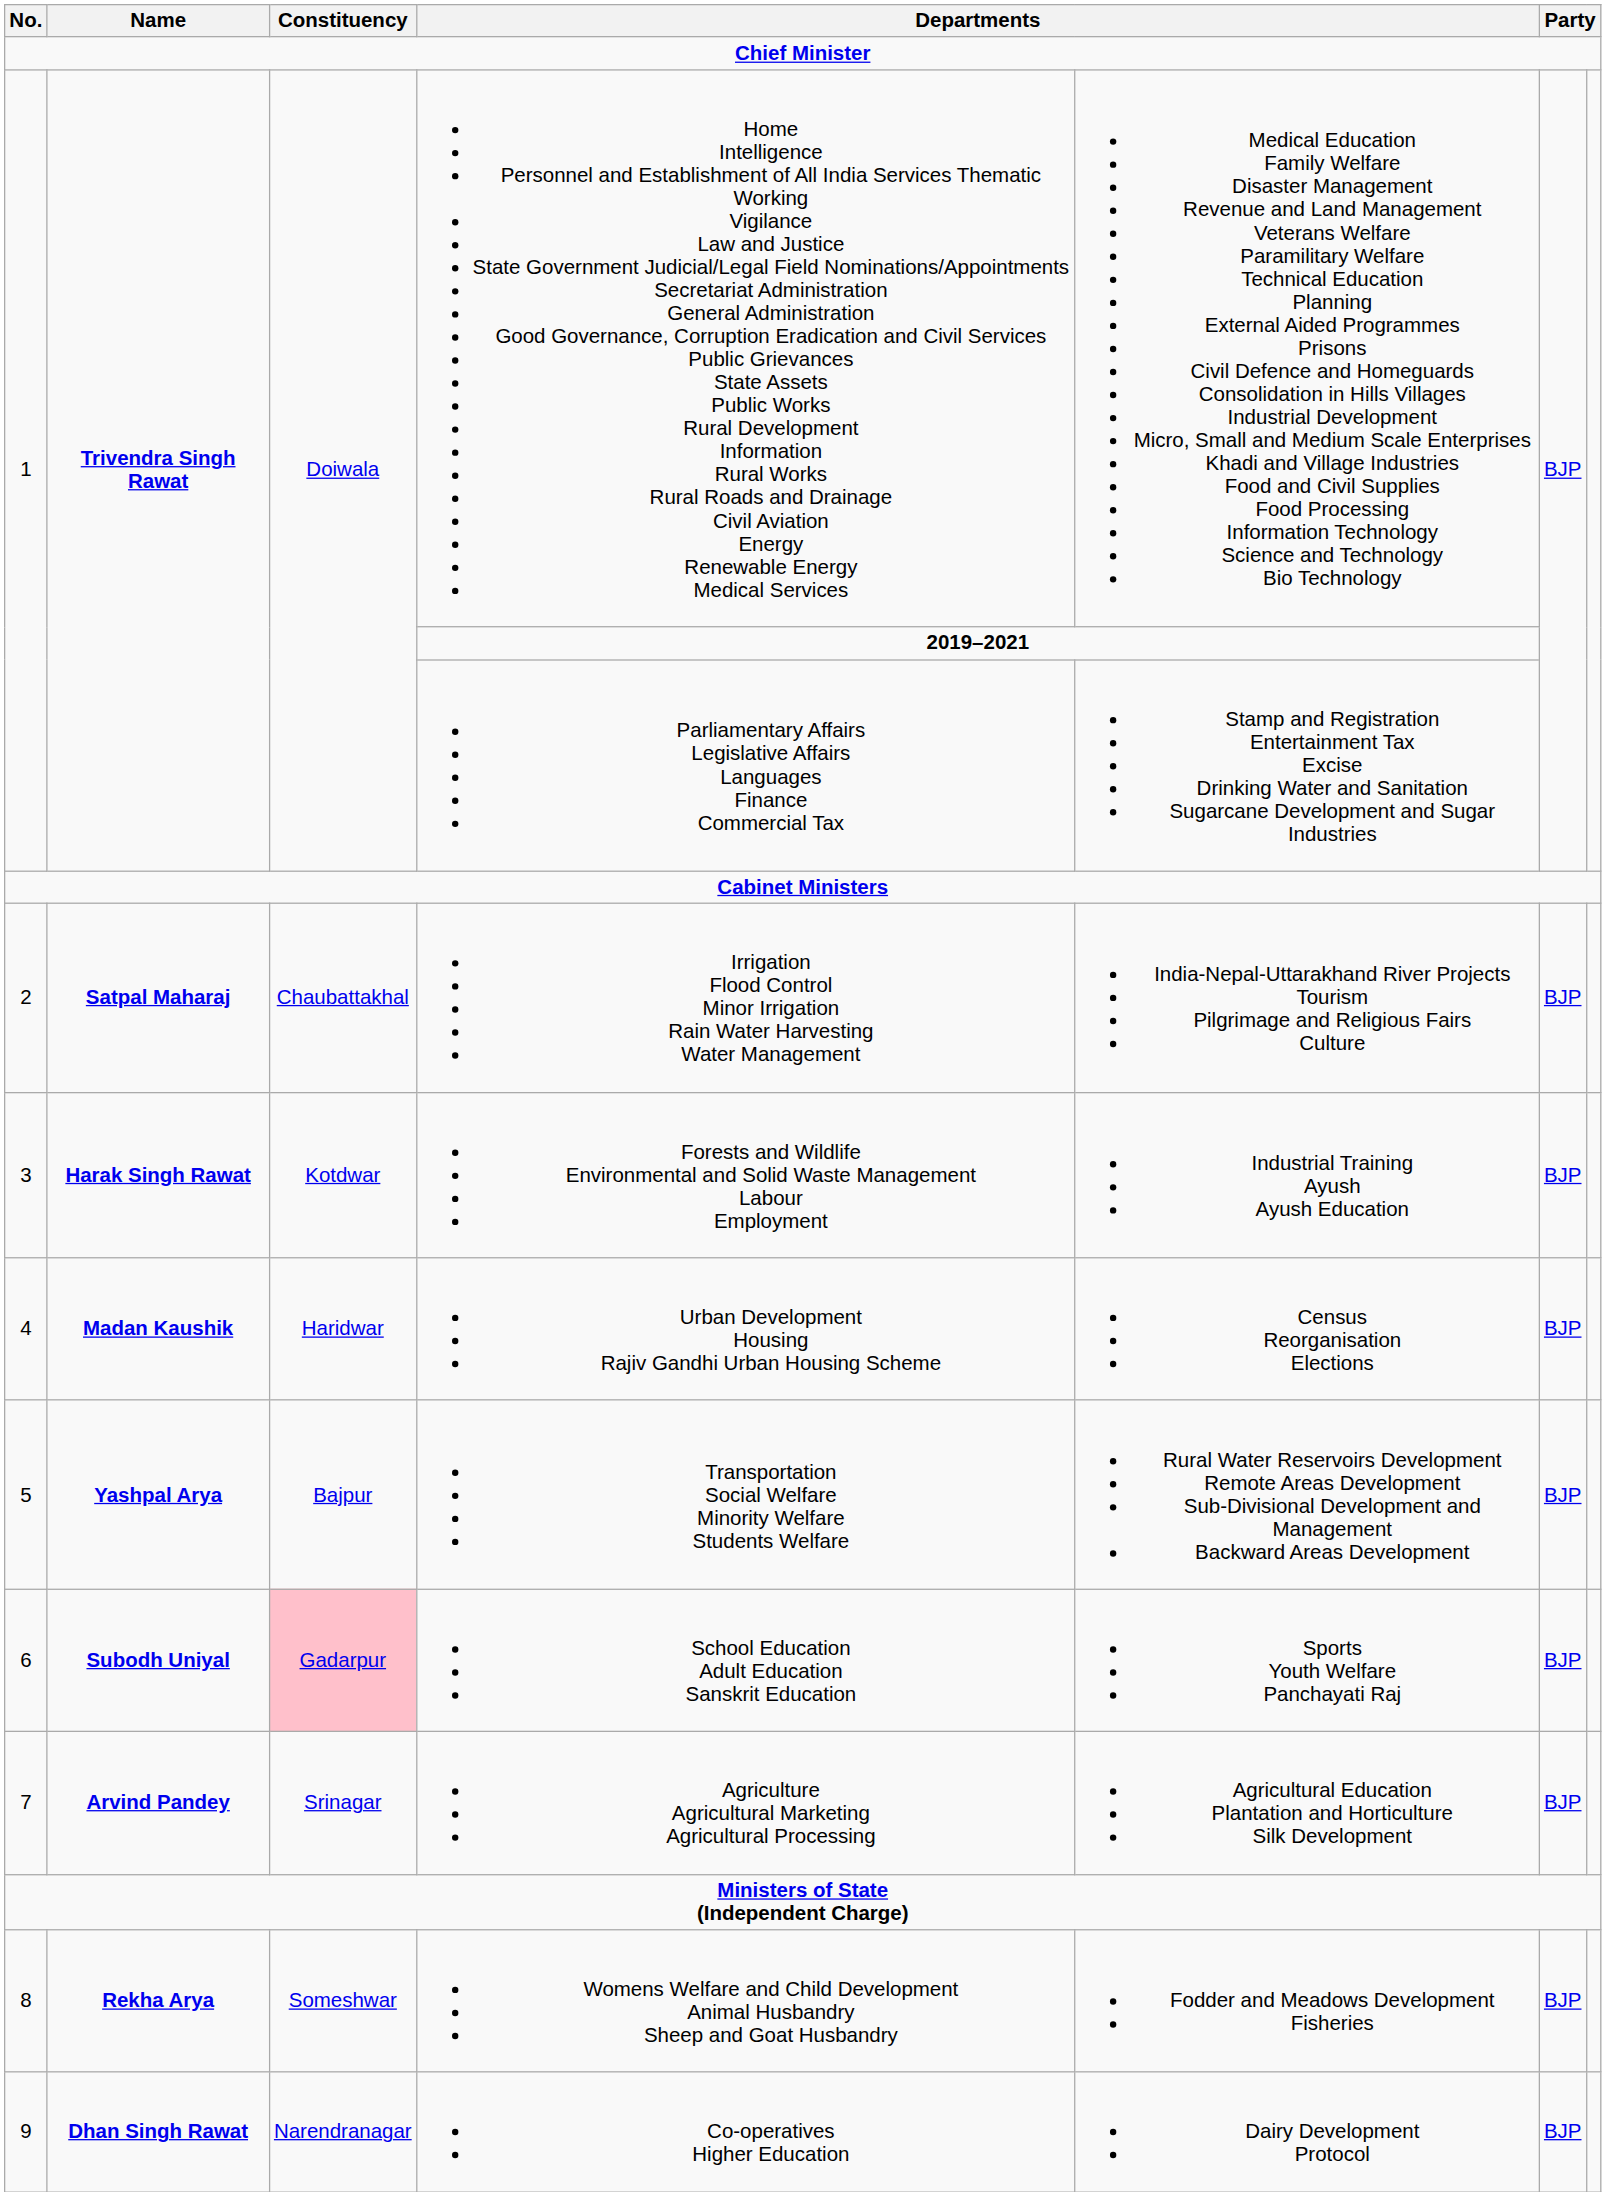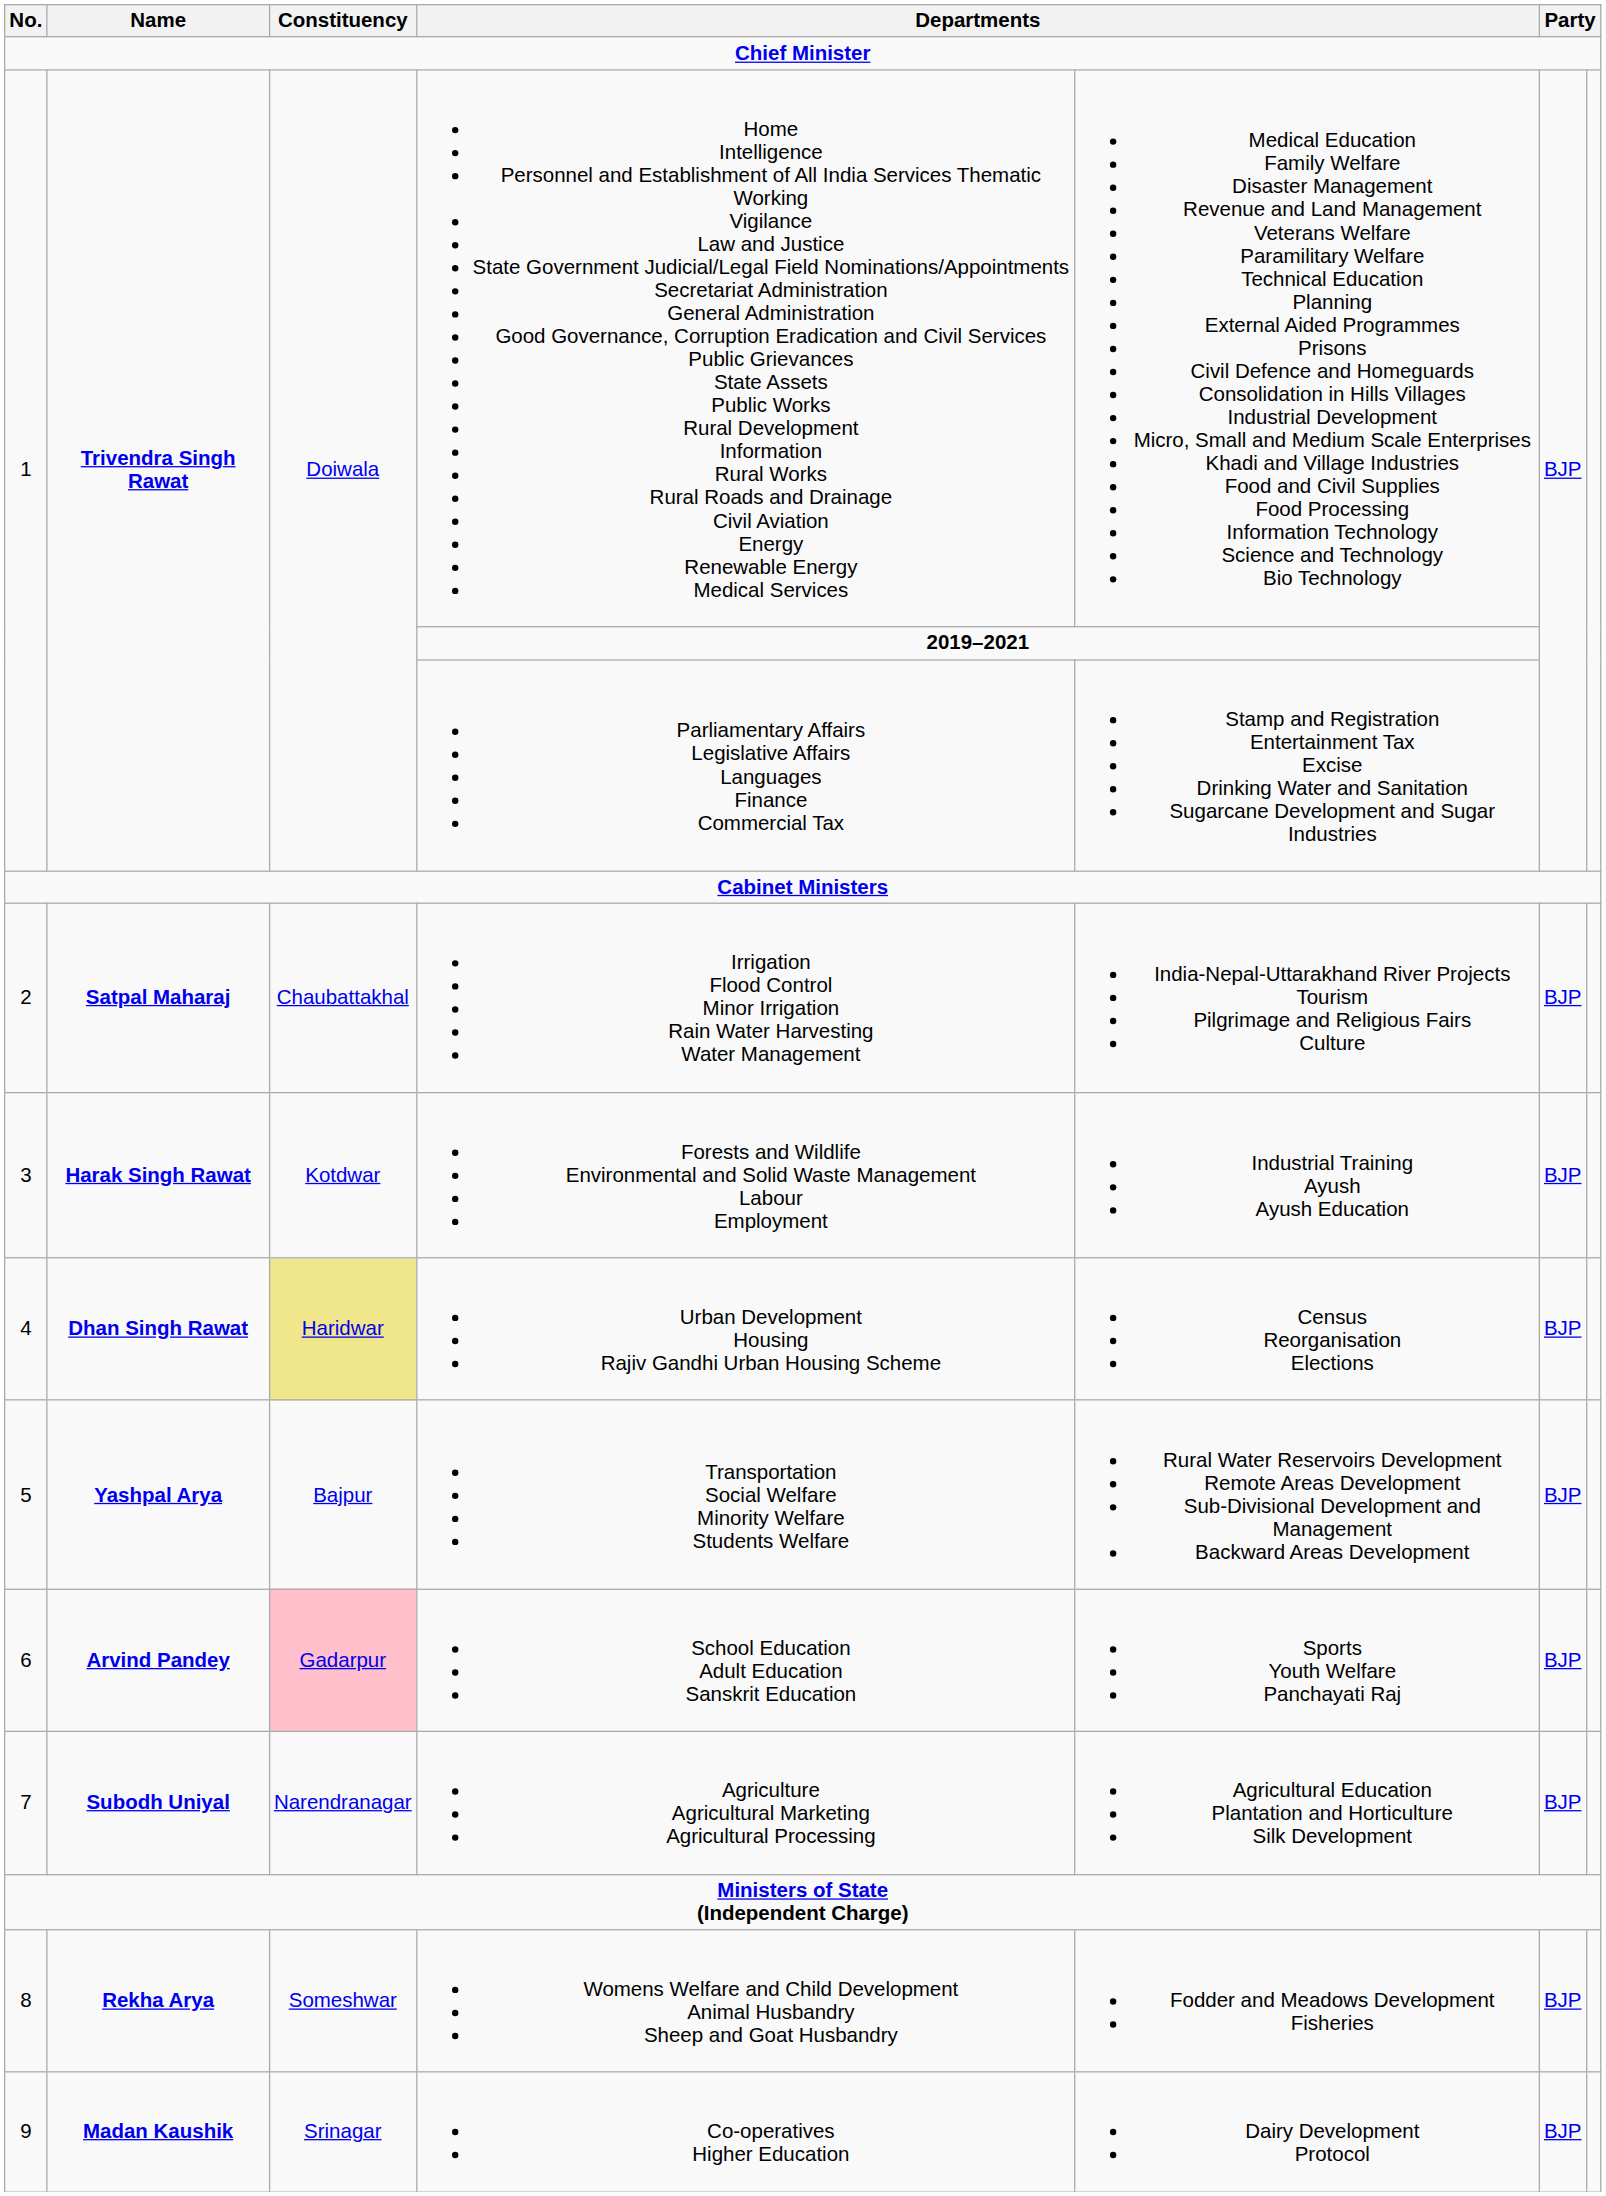 <table class="wikitable sortable">
 <tr>
 <th>No.</th>
 <th>Name</th>
 <th>Constituency</th>
 <th colspan=2>Departments</th>
 <th colspan="2"; scope="col">Party</th>
 </tr>
 <tr style="text-align: center;">
 <td colspan="7"><strong><a href='#'>Chief Minister</a></strong></td>
 </tr>
 <tr style="text-align:center">
 <td rowspan="3">1</td>
 <td rowspan="3"><strong><a href='#'>Trivendra Singh Rawat</a></strong></td>
 <td rowspan="3"><a href='#'>Doiwala</a></td>
 <td><br><ul><li>Home</li><li>Intelligence</li><li>Personnel and Establishment of All India Services Thematic Working</li><li>Vigilance </li><li>Law and Justice</li><li>State Government Judicial/Legal Field Nominations/Appointments</li><li>Secretariat Administration</li><li>General Administration</li><li>Good Governance, Corruption Eradication and Civil Services</li><li>Public Grievances</li><li>State Assets</li><li>Public Works </li><li>Rural Development</li><li>Information</li><li>Rural Works</li><li>Rural Roads and Drainage</li><li>Civil Aviation</li><li>Energy</li><li>Renewable Energy</li><li>Medical Services </li></ul></td>
 <td><br><ul><li>Medical Education</li><li>Family Welfare</li><li>Disaster Management</li><li>Revenue and Land Management </li><li>Veterans Welfare</li><li>Paramilitary Welfare</li><li>Technical Education </li><li>Planning </li><li>External Aided Programmes</li><li>Prisons</li><li>Civil Defence and Homeguards</li><li>Consolidation in Hills Villages</li><li>Industrial Development</li><li>Micro, Small and Medium Scale Enterprises</li><li>Khadi and Village Industries</li><li>Food and Civil Supplies </li><li>Food Processing</li><li>Information Technology</li><li>Science and Technology</li><li>Bio Technology</li></ul></td>
 <td rowspan="3"><a href='#'>BJP</a></td>
 <td rowspan="3" ; width="4px" style="background-color: "></td>
 </tr>
 <tr style="text-align:center">
 <td colspan="2"><strong>2019–2021</strong></td>
 </tr>
 <tr style="text-align:center">
 <td><br><ul><li>Parliamentary Affairs</li><li>Legislative Affairs</li><li>Languages</li><li>Finance</li><li>Commercial Tax </li></ul></td>
 <td><br><ul><li>Stamp and Registration </li><li>Entertainment Tax </li><li>Excise</li><li>Drinking Water and Sanitation</li><li>Sugarcane Development and Sugar Industries </li></ul></td>
 </tr>
 <tr style="text-align: center;">
 <td colspan="7"><strong><a href='#'>Cabinet Ministers</a></strong></td>
 </tr>
 <tr style="text-align:center">
 <td>2</td>
 <td><strong><a href='#'>Satpal Maharaj</a></strong></td>
 <td><a href='#'>Chaubattakhal</a></td>
 <td><br><ul><li>Irrigation </li><li>Flood Control</li><li>Minor Irrigation</li><li>Rain Water Harvesting</li><li>Water Management</li></ul></td>
 <td><br><ul><li>India-Nepal-Uttarakhand River Projects</li><li>Tourism </li><li>Pilgrimage and Religious Fairs</li><li>Culture</li></ul></td>
 <td><a href='#'>BJP</a></td>
 <td width="4px" style="background-color: "></td>
 </tr>
 <tr style="text-align:center">
 <td>3</td>
 <td><strong><a href='#'>Harak Singh Rawat</a></strong></td>
 <td><a href='#'>Kotdwar</a></td>
 <td><br><ul><li>Forests and Wildlife </li><li>Environmental and Solid Waste Management</li><li>Labour </li><li>Employment </li></ul></td>
 <td><br><ul><li>Industrial Training</li><li>Ayush</li><li>Ayush Education</li></ul></td>
 <td><a href='#'>BJP</a></td>
 <td width="4px" style="background-color: "></td>
 </tr>
 <tr style="text-align:center">
 <td>4</td>
-<td><strong><a href='#'>Madan Kaushik</a></strong></td>
-<td><a href='#'>Haridwar</a></td>
+<td><strong><a href='#'>Dhan Singh Rawat</a></strong></td>
+<td style="background: khaki;"><a href='#'>Haridwar</a></td>
 <td><br><ul><li>Urban Development </li><li>Housing</li><li>Rajiv Gandhi Urban Housing Scheme</li></ul></td>
 <td><br><ul><li>Census</li><li>Reorganisation</li><li>Elections </li></ul></td>
 <td><a href='#'>BJP</a></td>
 <td width="4px" style="background-color: "></td>
 </tr>
 <tr style="text-align:center">
 <td>5</td>
 <td><strong><a href='#'>Yashpal Arya</a></strong></td>
 <td><a href='#'>Bajpur</a></td>
 <td><br><ul><li>Transportation </li><li>Social Welfare </li><li>Minority Welfare</li><li>Students Welfare</li></ul></td>
 <td><br><ul><li>Rural Water Reservoirs Development</li><li>Remote Areas Development</li><li>Sub-Divisional Development and Management</li><li>Backward Areas Development</li></ul></td>
 <td><a href='#'>BJP</a></td>
 <td width="4px" style="background-color: "></td>
 </tr>
 <tr style="text-align:center">
 <td>6</td>
-<td><strong><a href='#'>Subodh Uniyal</a></strong></td>
+<td><strong><a href='#'>Arvind Pandey</a></strong></td>
 <td style="background: pink;"><a href='#'>Gadarpur</a></td>
 <td><br><ul><li>School Education </li><li>Adult Education</li><li>Sanskrit Education</li></ul></td>
 <td><br><ul><li>Sports </li><li>Youth Welfare</li><li>Panchayati Raj</li></ul></td>
 <td><a href='#'>BJP</a></td>
 <td width="4px" style="background-color: "></td>
 </tr>
 <tr style="text-align:center">
 <td>7</td>
-<td><strong><a href='#'>Arvind Pandey</a></strong></td>
-<td><a href='#'>Srinagar</a></td>
+<td><strong><a href='#'>Subodh Uniyal</a></strong></td>
+<td><a href='#'>Narendranagar</a></td>
 <td><br><ul><li>Agriculture </li><li>Agricultural Marketing</li><li>Agricultural Processing</li></ul></td>
 <td><br><ul><li>Agricultural Education</li><li>Plantation and Horticulture</li><li>Silk Development</li></ul></td>
 <td><a href='#'>BJP</a></td>
 <td width="4px" style="background-color: "></td>
 </tr>
 <tr style="text-align:center">
 <td colspan="7"><strong><a href='#'>Ministers of State</a><br> (Independent Charge)</strong></td>
 </tr>
 <tr style="text-align:center">
 <td>8</td>
 <td><strong><a href='#'>Rekha Arya</a></strong></td>
 <td><a href='#'>Someshwar</a></td>
 <td><br><ul><li>Womens Welfare and Child Development </li><li>Animal Husbandry</li><li>Sheep and Goat Husbandry</li></ul></td>
 <td><br><ul><li>Fodder and Meadows Development</li><li>Fisheries </li></ul></td>
 <td><a href='#'>BJP</a></td>
 <td width="4px" style="background-color: "></td>
 </tr>
 <tr style="text-align:center">
 <td>9</td>
-<td><strong><a href='#'>Dhan Singh Rawat</a></strong></td>
-<td><a href='#'>Narendranagar</a></td>
+<td><strong><a href='#'>Madan Kaushik</a></strong></td>
+<td><a href='#'>Srinagar</a></td>
 <td><br><ul><li>Co-operatives</li><li>Higher Education </li></ul></td>
 <td><br><ul><li>Dairy Development </li><li>Protocol</li></ul></td>
 <td><a href='#'>BJP</a></td>
 <td width="4px" style="background-color: "></td>
 </tr>
 </table>
